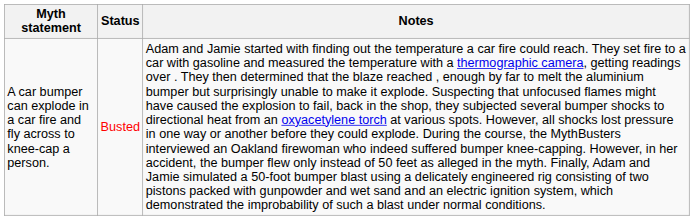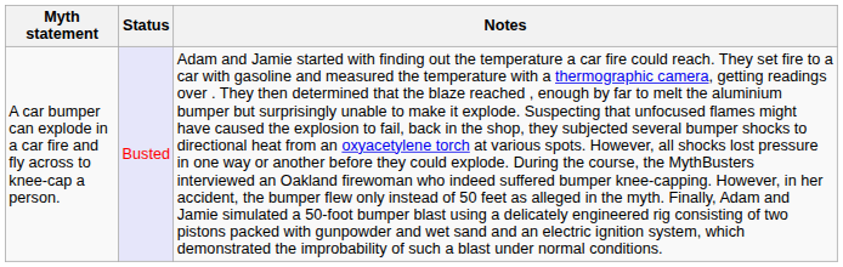 <table class="wikitable plainrowheaders">
 <tr>
 <th>Myth statement</th>
 <th>Status</th>
 <th>Notes</th>
 </tr>
 <tr>
 <td>A car bumper can explode in a car fire and fly across  to knee-cap a person.</td>
-<td style="color:red">Busted</td>
+<td style="background: lavender; color:red">Busted</td>
 <td>Adam and Jamie started with finding out the temperature a car fire could reach. They set fire to a car with gasoline and measured the temperature with a <a href='#'>thermographic camera</a>, getting readings over . They then determined that the blaze reached , enough by far to melt the aluminium bumper but surprisingly unable to make it explode. Suspecting that unfocused flames might have caused the explosion to fail, back in the shop, they subjected several bumper shocks to directional heat from an <a href='#'>oxyacetylene torch</a> at various spots. However, all shocks lost pressure in one way or another before they could explode. During the course, the MythBusters interviewed an Oakland firewoman who indeed suffered bumper knee-capping. However, in her accident, the bumper flew only  instead of 50 feet as alleged in the myth. Finally, Adam and Jamie simulated a 50-foot bumper blast using a delicately engineered rig consisting of two pistons packed with gunpowder and wet sand and an electric ignition system, which demonstrated the improbability of such a blast under normal conditions.</td>
 </tr>
 </table>
